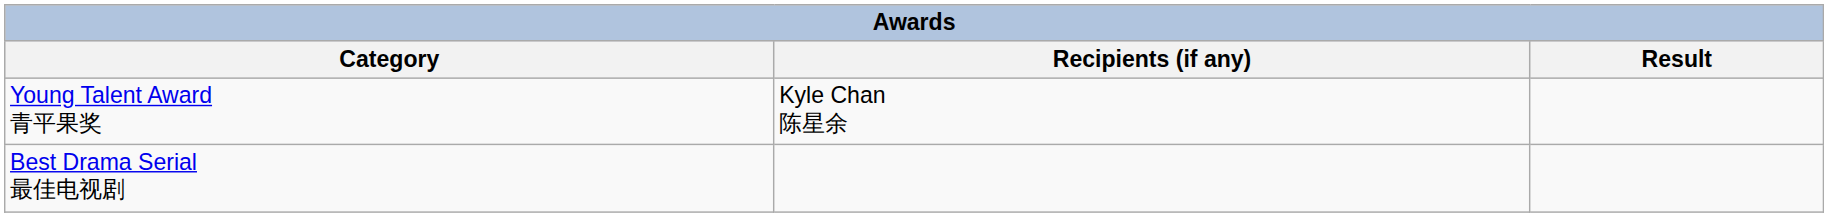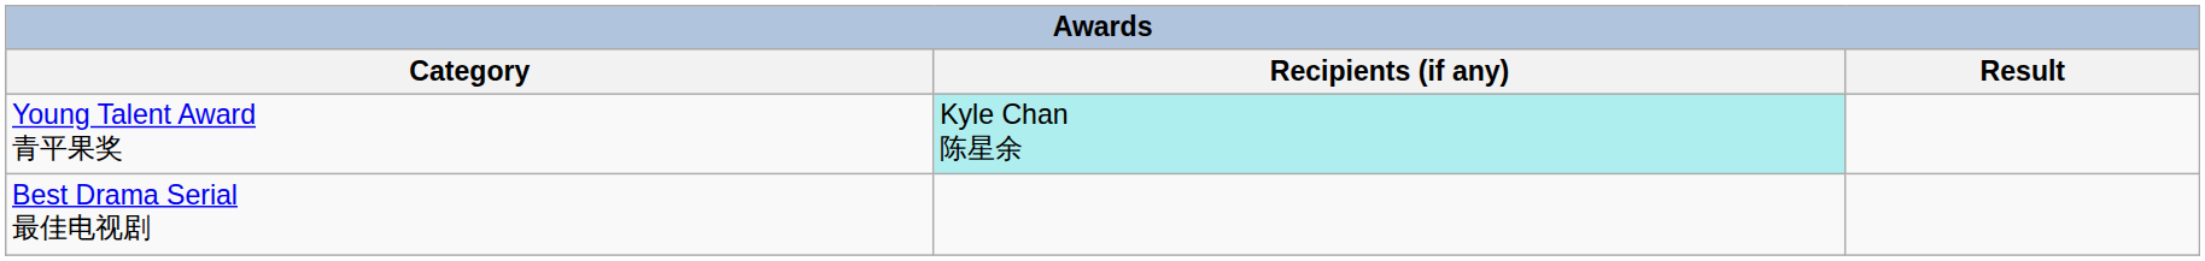 <table class="wikitable sortable" style="width:100%;">
 <tr style="background:#ccc; text-align:center;">
 <th colspan="4" style="background: LightSteelBlue;">Awards</th>
 </tr>
 <tr style="background:#ccc; text-align:center;">
 <th>Category</th>
 <th>Recipients (if any)</th>
 <th>Result</th>
 </tr>
 <tr>
 <td><a href='#'>Young Talent Award</a> <br> 青平果奖</td>
-<td>Kyle Chan <br> 陈星余</td>
+<td style="background: paleturquoise;">Kyle Chan <br> 陈星余</td>
 <td></td>
 </tr>
 <tr>
 <td><a href='#'>Best Drama Serial</a>  <br> 最佳电视剧</td>
 <td></td>
 <td></td>
 </tr>
 </table>
